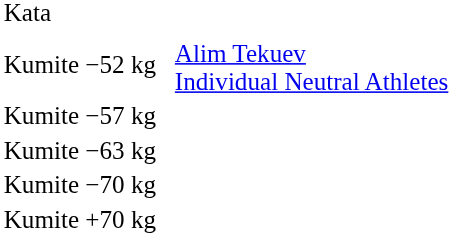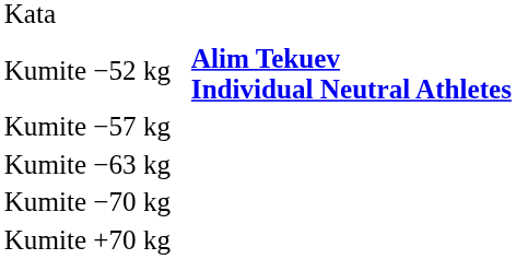 <table>
 <tr>
 <td rowspan=2>Kata</td>
 <td rowspan=2></td>
 <td rowspan=2></td>
 <td></td>
 </tr>
 <tr>
 <td></td>
 </tr>
 <tr>
 <td rowspan=2>Kumite −52 kg</td>
 <td rowspan=2></td>
 <td rowspan=2></td>
 <td></td>
 </tr>
 <tr>
-<td><a href='#'>Alim Tekuev</a><br><a href='#'>Individual Neutral Athletes</a></td>
+<td><strong><a href='#'>Alim Tekuev</a><br><a href='#'>Individual Neutral Athletes</a></strong></td>
 </tr>
 <tr>
 <td rowspan=2>Kumite −57 kg</td>
 <td rowspan=2></td>
 <td rowspan=2></td>
 <td></td>
 </tr>
 <tr>
 <td></td>
 </tr>
 <tr>
 <td rowspan=2>Kumite −63 kg</td>
 <td rowspan=2></td>
 <td rowspan=2></td>
 <td></td>
 </tr>
 <tr>
 <td></td>
 </tr>
 <tr>
 <td rowspan=2>Kumite −70 kg</td>
 <td rowspan=2></td>
 <td rowspan=2></td>
 <td></td>
 </tr>
 <tr>
 <td></td>
 </tr>
 <tr>
 <td rowspan=2>Kumite +70 kg</td>
 <td rowspan=2></td>
 <td rowspan=2></td>
 <td></td>
 </tr>
 <tr>
 <td></td>
 </tr>
 </table>
